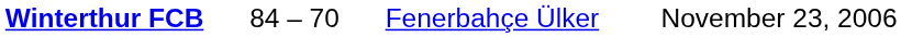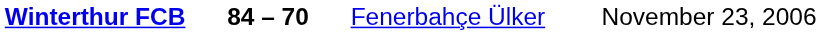 <table style="text-align:center">
 <tr>
 <th width=160></th>
 <th width=100></th>
 <th width=160></th>
 <th width=200></th>
 </tr>
 <tr>
 <td align=right><strong><a href='#'>Winterthur FCB</a></strong> </td>
-<td>84 – 70</td>
+<td><strong>84 – 70</strong></td>
 <td align=left> <a href='#'>Fenerbahçe Ülker</a></td>
 <td align=left>November 23, 2006</td>
 </tr>
 </table>
